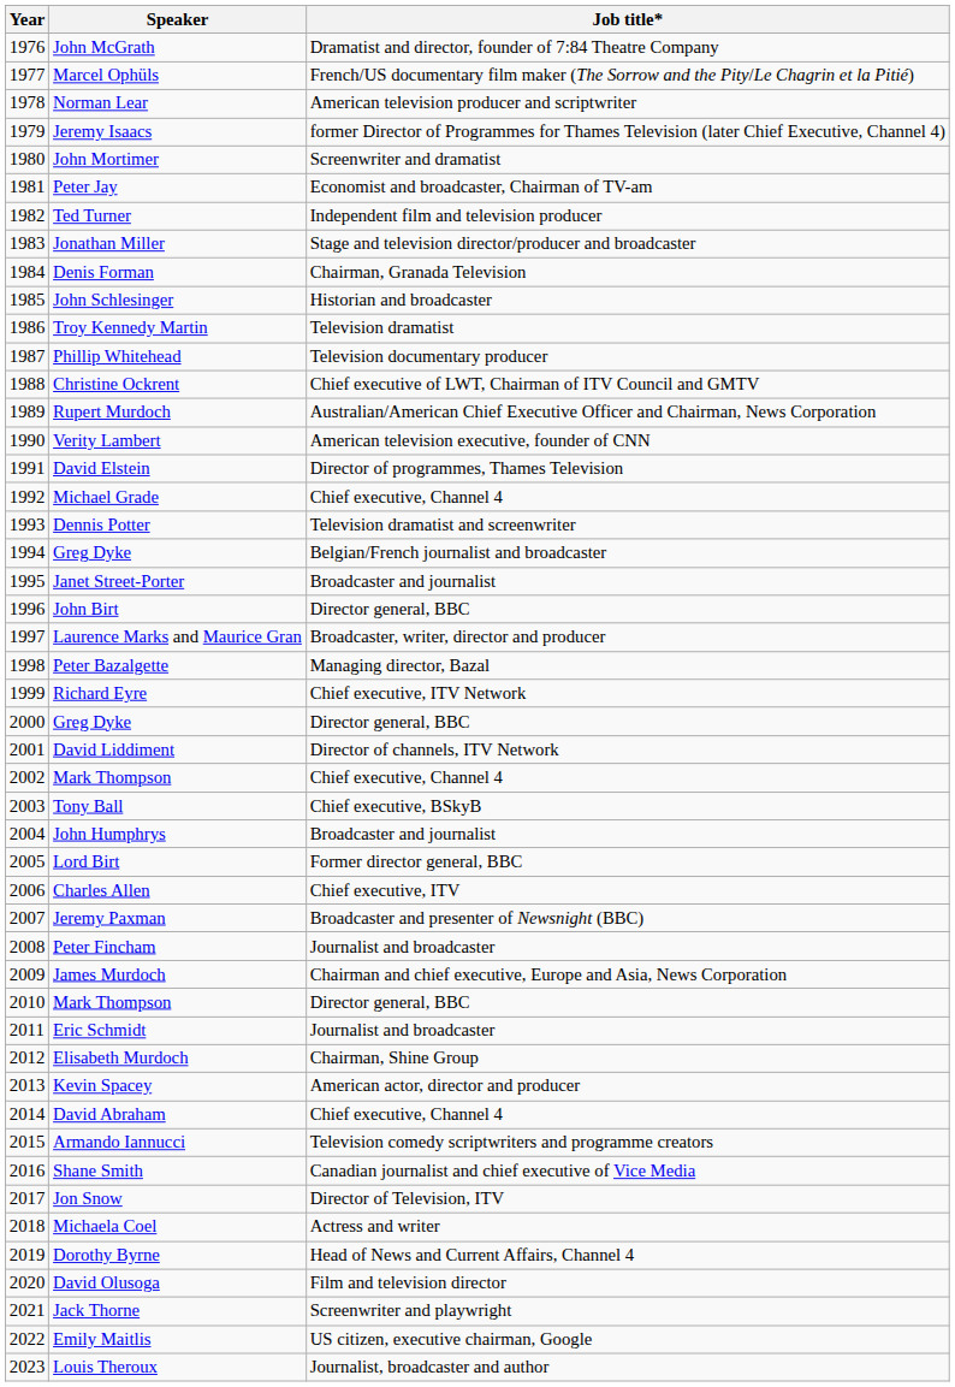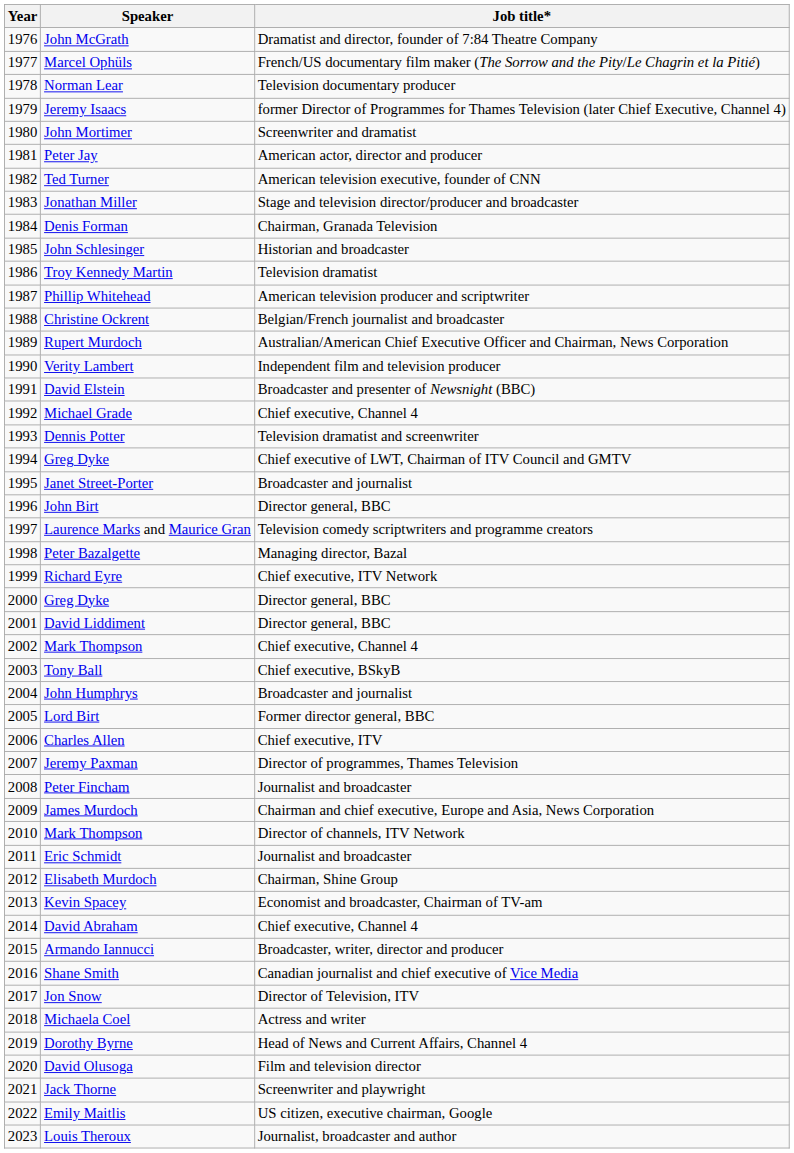 <table class="wikitable">
 <tr>
 <th>Year</th>
 <th>Speaker</th>
 <th>Job title*</th>
 </tr>
 <tr>
 <td>1976</td>
 <td><a href='#'>John McGrath</a></td>
 <td>Dramatist and director, founder of 7:84 Theatre Company</td>
 </tr>
 <tr>
 <td>1977</td>
 <td><a href='#'>Marcel Ophüls</a></td>
 <td>French/US documentary film maker (<em>The Sorrow and the Pity</em>/<em>Le Chagrin et la Pitié</em>)</td>
 </tr>
 <tr>
 <td>1978</td>
 <td><a href='#'>Norman Lear</a></td>
-<td>American television producer and scriptwriter</td>
+<td>Television documentary producer</td>
 </tr>
 <tr>
 <td>1979</td>
 <td><a href='#'>Jeremy Isaacs</a></td>
 <td>former Director of Programmes for Thames Television  (later Chief Executive, Channel 4)</td>
 </tr>
 <tr>
 <td>1980</td>
 <td><a href='#'>John Mortimer</a></td>
 <td>Screenwriter and dramatist</td>
 </tr>
 <tr>
 <td>1981</td>
 <td><a href='#'>Peter Jay</a></td>
-<td>Economist and broadcaster, Chairman of TV-am</td>
+<td>American actor, director and producer</td>
 </tr>
 <tr>
 <td>1982</td>
 <td><a href='#'>Ted Turner</a></td>
-<td>Independent film and television producer</td>
+<td>American television executive, founder of CNN</td>
 </tr>
 <tr>
 <td>1983</td>
 <td><a href='#'>Jonathan Miller</a></td>
 <td>Stage and television director/producer and broadcaster</td>
 </tr>
 <tr>
 <td>1984</td>
 <td><a href='#'>Denis Forman</a></td>
 <td>Chairman, Granada Television</td>
 </tr>
 <tr>
 <td>1985</td>
 <td><a href='#'>John Schlesinger</a></td>
 <td>Historian and broadcaster</td>
 </tr>
 <tr>
 <td>1986</td>
 <td><a href='#'>Troy Kennedy Martin</a></td>
 <td>Television dramatist</td>
 </tr>
 <tr>
 <td>1987</td>
 <td><a href='#'>Phillip Whitehead</a></td>
-<td>Television documentary producer</td>
+<td>American television producer and scriptwriter</td>
 </tr>
 <tr>
 <td>1988</td>
 <td><a href='#'>Christine Ockrent</a></td>
-<td>Chief executive of LWT, Chairman of ITV Council and GMTV</td>
+<td>Belgian/French journalist and broadcaster</td>
 </tr>
 <tr>
 <td>1989</td>
 <td><a href='#'>Rupert Murdoch</a></td>
 <td>Australian/American Chief Executive Officer and Chairman, News Corporation</td>
 </tr>
 <tr>
 <td>1990</td>
 <td><a href='#'>Verity Lambert</a></td>
-<td>American television executive, founder of CNN</td>
+<td>Independent film and television producer</td>
 </tr>
 <tr>
 <td>1991</td>
 <td><a href='#'>David Elstein</a></td>
-<td>Director of programmes, Thames Television</td>
+<td>Broadcaster and presenter of <em>Newsnight</em> (BBC)</td>
 </tr>
 <tr>
 <td>1992</td>
 <td><a href='#'>Michael Grade</a></td>
 <td>Chief executive, Channel 4</td>
 </tr>
 <tr>
 <td>1993</td>
 <td><a href='#'>Dennis Potter</a></td>
 <td>Television dramatist and screenwriter</td>
 </tr>
 <tr>
 <td>1994</td>
 <td><a href='#'>Greg Dyke</a></td>
-<td>Belgian/French journalist and broadcaster</td>
+<td>Chief executive of LWT, Chairman of ITV Council and GMTV</td>
 </tr>
 <tr>
 <td>1995</td>
 <td><a href='#'>Janet Street-Porter</a></td>
 <td>Broadcaster and journalist</td>
 </tr>
 <tr>
 <td>1996</td>
 <td><a href='#'>John Birt</a></td>
 <td>Director general, BBC</td>
 </tr>
 <tr>
 <td>1997</td>
 <td><a href='#'>Laurence Marks</a> and <a href='#'>Maurice Gran</a></td>
-<td>Broadcaster, writer, director and producer</td>
+<td>Television comedy scriptwriters and programme creators</td>
 </tr>
 <tr>
 <td>1998</td>
 <td><a href='#'>Peter Bazalgette</a></td>
 <td>Managing director, Bazal</td>
 </tr>
 <tr>
 <td>1999</td>
 <td><a href='#'>Richard Eyre</a></td>
 <td>Chief executive, ITV Network</td>
 </tr>
 <tr>
 <td>2000</td>
 <td><a href='#'>Greg Dyke</a></td>
 <td>Director general, BBC</td>
 </tr>
 <tr>
 <td>2001</td>
 <td><a href='#'>David Liddiment</a></td>
-<td>Director of channels, ITV Network</td>
+<td>Director general, BBC</td>
 </tr>
 <tr>
 <td>2002</td>
 <td><a href='#'>Mark Thompson</a></td>
 <td>Chief executive, Channel 4</td>
 </tr>
 <tr>
 <td>2003</td>
 <td><a href='#'>Tony Ball</a></td>
 <td>Chief executive, BSkyB</td>
 </tr>
 <tr>
 <td>2004</td>
 <td><a href='#'>John Humphrys</a></td>
 <td>Broadcaster and journalist</td>
 </tr>
 <tr>
 <td>2005</td>
 <td><a href='#'>Lord Birt</a></td>
 <td>Former director general, BBC</td>
 </tr>
 <tr>
 <td>2006</td>
 <td><a href='#'>Charles Allen</a></td>
 <td>Chief executive, ITV</td>
 </tr>
 <tr>
 <td>2007</td>
 <td><a href='#'>Jeremy Paxman</a></td>
-<td>Broadcaster and presenter of <em>Newsnight</em> (BBC)</td>
+<td>Director of programmes, Thames Television</td>
 </tr>
 <tr>
 <td>2008</td>
 <td><a href='#'>Peter Fincham</a></td>
 <td>Journalist and broadcaster</td>
 </tr>
 <tr>
 <td>2009</td>
 <td><a href='#'>James Murdoch</a></td>
 <td>Chairman and chief executive, Europe and Asia, News Corporation</td>
 </tr>
 <tr>
 <td>2010</td>
 <td><a href='#'>Mark Thompson</a></td>
-<td>Director general, BBC</td>
+<td>Director of channels, ITV Network</td>
 </tr>
 <tr>
 <td>2011</td>
 <td><a href='#'>Eric Schmidt</a></td>
 <td>Journalist and broadcaster</td>
 </tr>
 <tr>
 <td>2012</td>
 <td><a href='#'>Elisabeth Murdoch</a></td>
 <td>Chairman, Shine Group</td>
 </tr>
 <tr>
 <td>2013</td>
 <td><a href='#'>Kevin Spacey</a></td>
-<td>American actor, director and producer</td>
+<td>Economist and broadcaster, Chairman of TV-am</td>
 </tr>
 <tr>
 <td>2014</td>
 <td><a href='#'>David Abraham</a></td>
 <td>Chief executive, Channel 4</td>
 </tr>
 <tr>
 <td>2015</td>
 <td><a href='#'>Armando Iannucci</a></td>
-<td>Television comedy scriptwriters and programme creators</td>
+<td>Broadcaster, writer, director and producer</td>
 </tr>
 <tr>
 <td>2016</td>
 <td><a href='#'>Shane Smith</a></td>
 <td>Canadian journalist and chief executive of <a href='#'>Vice Media</a></td>
 </tr>
 <tr>
 <td>2017</td>
 <td><a href='#'>Jon Snow</a></td>
 <td>Director of Television, ITV</td>
 </tr>
 <tr>
 <td>2018</td>
 <td><a href='#'>Michaela Coel</a></td>
 <td>Actress and writer</td>
 </tr>
 <tr>
 <td>2019</td>
 <td><a href='#'>Dorothy Byrne</a></td>
 <td>Head of News and Current Affairs, Channel 4</td>
 </tr>
 <tr>
 <td>2020</td>
 <td><a href='#'>David Olusoga</a></td>
 <td>Film and television director</td>
 </tr>
 <tr>
 <td>2021</td>
 <td><a href='#'>Jack Thorne</a></td>
 <td>Screenwriter and playwright</td>
 </tr>
 <tr>
 <td>2022</td>
 <td><a href='#'>Emily Maitlis</a></td>
 <td>US citizen, executive chairman, Google</td>
 </tr>
 <tr>
 <td>2023</td>
 <td><a href='#'>Louis Theroux</a></td>
 <td>Journalist, broadcaster and author</td>
 </tr>
 </table>
